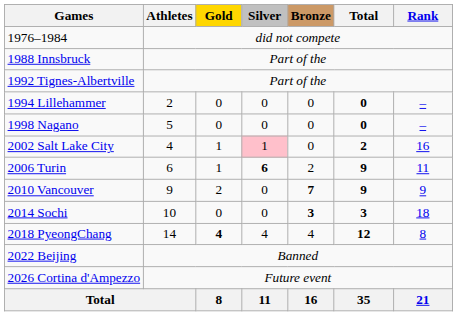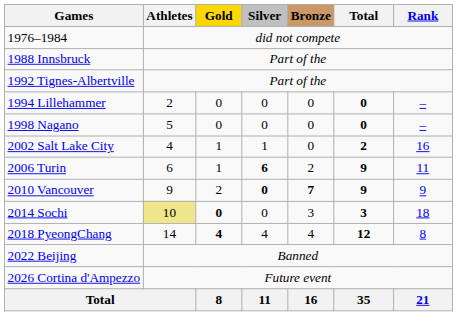 <table class="wikitable" style="text-align:center; font-size:90%;">
 <tr>
 <th>Games</th>
 <th>Athletes</th>
 <td style="background:gold; width:3.0em; font-weight:bold;">Gold</td>
 <td style="background:silver; width:3.0em; font-weight:bold;">Silver</td>
 <td style="background:#cc9966; width:3.0em; font-weight:bold;">Bronze</td>
 <th style="width:4em; font-weight:bold;">Total</th>
 <th style="width:4em; font-weight:bold;"><a href='#'>Rank</a></th>
 </tr>
 <tr>
 <td align=left>1976–1984</td>
 <td colspan=6><em>did not compete</em></td>
 </tr>
 <tr>
 <td align=left> <a href='#'>1988 Innsbruck</a></td>
 <td colspan=6><em>Part of the </em></td>
 </tr>
 <tr>
 <td align=left> <a href='#'>1992 Tignes-Albertville</a></td>
 <td colspan=6><em>Part of the </em></td>
 </tr>
 <tr>
 <td align=left> <a href='#'>1994 Lillehammer</a></td>
 <td>2</td>
 <td>0</td>
 <td>0</td>
 <td>0</td>
 <td><strong>0</strong></td>
 <td><a href='#'>–</a></td>
 </tr>
 <tr>
 <td align=left> <a href='#'>1998 Nagano</a></td>
 <td>5</td>
 <td>0</td>
 <td>0</td>
 <td>0</td>
 <td><strong>0</strong></td>
 <td><a href='#'>–</a></td>
 </tr>
 <tr>
 <td align=left> <a href='#'>2002 Salt Lake City</a></td>
 <td>4</td>
 <td>1</td>
-<td style="background: pink;">1</td>
+<td>1</td>
 <td>0</td>
 <td><strong>2</strong></td>
 <td><a href='#'>16</a></td>
 </tr>
 <tr>
 <td align=left> <a href='#'>2006 Turin</a></td>
 <td>6</td>
 <td>1</td>
 <td><strong>6</strong></td>
 <td>2</td>
 <td><strong>9</strong></td>
 <td><a href='#'>11</a></td>
 </tr>
 <tr>
 <td align=left> <a href='#'>2010 Vancouver</a></td>
 <td>9</td>
 <td>2</td>
-<td>0</td>
+<td><strong>0</strong></td>
 <td><strong>7</strong></td>
 <td><strong>9</strong></td>
 <td><a href='#'>9</a></td>
 </tr>
 <tr>
 <td align=left> <a href='#'>2014 Sochi</a></td>
-<td>10</td>
+<td style="background: khaki;">10</td>
+<td><strong>0</strong></td>
 <td>0</td>
-<td>0</td>
-<td><strong>3</strong></td>
+<td>3</td>
 <td><strong>3</strong></td>
 <td><a href='#'>18</a></td>
 </tr>
 <tr>
 <td align=left> <a href='#'>2018 PyeongChang</a></td>
 <td>14</td>
 <td><strong>4</strong></td>
 <td>4</td>
 <td>4</td>
 <td><strong>12</strong></td>
 <td><a href='#'>8</a></td>
 </tr>
 <tr>
 <td align=left> <a href='#'>2022 Beijing</a></td>
 <td colspan=6><em>Banned</em></td>
 </tr>
 <tr>
 <td align=left> <a href='#'>2026 Cortina d'Ampezzo</a></td>
 <td colspan=6><em>Future event</em></td>
 </tr>
 <tr>
 <th colspan=2>Total</th>
 <th>8</th>
 <th>11</th>
 <th>16</th>
 <th>35</th>
 <th><a href='#'>21</a></th>
 </tr>
 </table>
